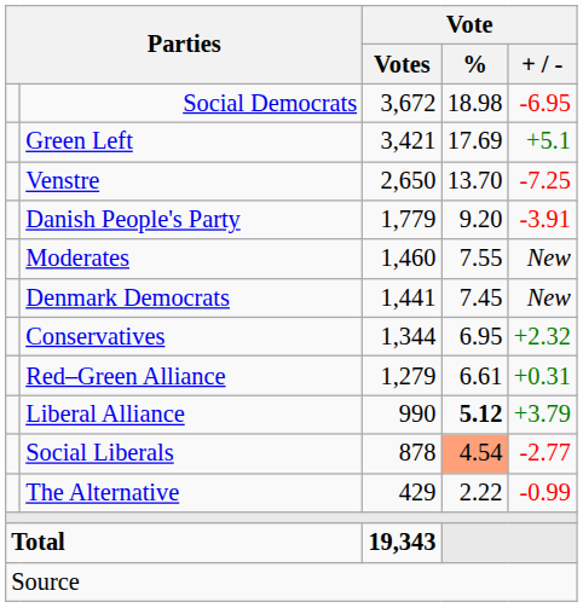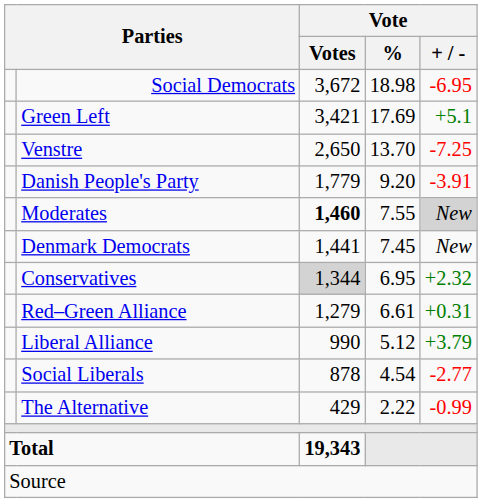 <table class="wikitable" style="text-align:right;">
 <tr>
 <th style="text-align:centre;" rowspan="2" colspan="2" width="225">Parties</th>
 <th colspan="3">Vote</th>
 </tr>
 <tr>
 <th width="15">Votes</th>
 <th width="15">%</th>
 <th width="15">+ / -</th>
 </tr>
 <tr>
 <td width=2 bgcolor=></td>
 <td><a href='#'>Social Democrats</a></td>
 <td>3,672</td>
 <td>18.98</td>
 <td style=color:red;>-6.95</td>
 </tr>
 <tr>
 <td width=2 bgcolor=></td>
 <td align=left><a href='#'>Green Left</a></td>
 <td>3,421</td>
 <td>17.69</td>
 <td style=color:green;>+5.1</td>
 </tr>
 <tr>
 <td width=2 bgcolor=></td>
 <td align=left><a href='#'>Venstre</a></td>
 <td>2,650</td>
 <td>13.70</td>
 <td style=color:red;>-7.25</td>
 </tr>
 <tr>
 <td width=2 bgcolor=></td>
 <td align=left><a href='#'>Danish People's Party</a></td>
 <td>1,779</td>
 <td>9.20</td>
 <td style=color:red;>-3.91</td>
 </tr>
 <tr>
 <td width=2 bgcolor=></td>
 <td align=left><a href='#'>Moderates</a></td>
-<td>1,460</td>
+<td><strong>1,460</strong></td>
 <td>7.55</td>
-<td><em>New</em></td>
+<td style="background: lightgrey;"><em>New</em></td>
 </tr>
 <tr>
 <td width=2 bgcolor=></td>
 <td align=left><a href='#'>Denmark Democrats</a></td>
 <td>1,441</td>
 <td>7.45</td>
 <td><em>New</em></td>
 </tr>
 <tr>
 <td width=2 bgcolor=></td>
 <td align=left><a href='#'>Conservatives</a></td>
-<td>1,344</td>
+<td style="background: lightgrey;">1,344</td>
 <td>6.95</td>
 <td style=color:green;>+2.32</td>
 </tr>
 <tr>
 <td width=2 bgcolor=></td>
 <td align=left><a href='#'>Red–Green Alliance</a></td>
 <td>1,279</td>
 <td>6.61</td>
 <td style=color:green;>+0.31</td>
 </tr>
 <tr>
 <td width=2 bgcolor=></td>
 <td align=left><a href='#'>Liberal Alliance</a></td>
 <td>990</td>
-<td><strong>5.12</strong></td>
+<td>5.12</td>
 <td style=color:green;>+3.79</td>
 </tr>
 <tr>
 <td width=2 bgcolor=></td>
 <td align=left><a href='#'>Social Liberals</a></td>
 <td>878</td>
-<td style="background: lightsalmon;">4.54</td>
+<td>4.54</td>
 <td style=color:red;>-2.77</td>
 </tr>
 <tr>
 <td width=2 bgcolor=></td>
 <td align=left><a href='#'>The Alternative</a></td>
 <td>429</td>
 <td>2.22</td>
 <td style=color:red;>-0.99</td>
 </tr>
 <tr>
 <td colspan="7" bgcolor="#E9E9E9"></td>
 </tr>
 <tr>
 <td align="left" colspan="2"><strong>Total</strong></td>
 <td><strong>19,343</strong></td>
 <td bgcolor=#E9E9E9 colspan=2></td>
 </tr>
 <tr>
 <td align="left" colspan="6">Source</td>
 </tr>
 </table>
